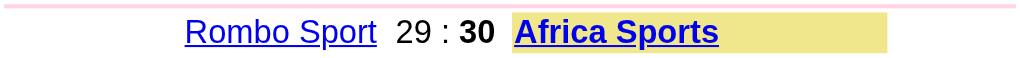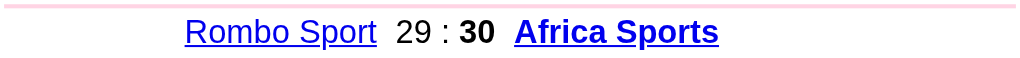 <table style="text-align:center" width=500>
 <tr>
 <th width=30%></th>
 <th width=10%></th>
 <th width=30%></th>
 <th width=10%></th>
 </tr>
 <tr align="left" bgcolor=#ffd4e4>
 <td colspan=4></td>
 </tr>
 <tr>
 <td align="right"><a href='#'>Rombo Sport</a> </td>
 <td>29 : <strong>30</strong></td>
-<td align=left style="background: khaki;"> <strong><a href='#'>Africa Sports</a></strong></td>
+<td align=left> <strong><a href='#'>Africa Sports</a></strong></td>
 </tr>
 </table>
